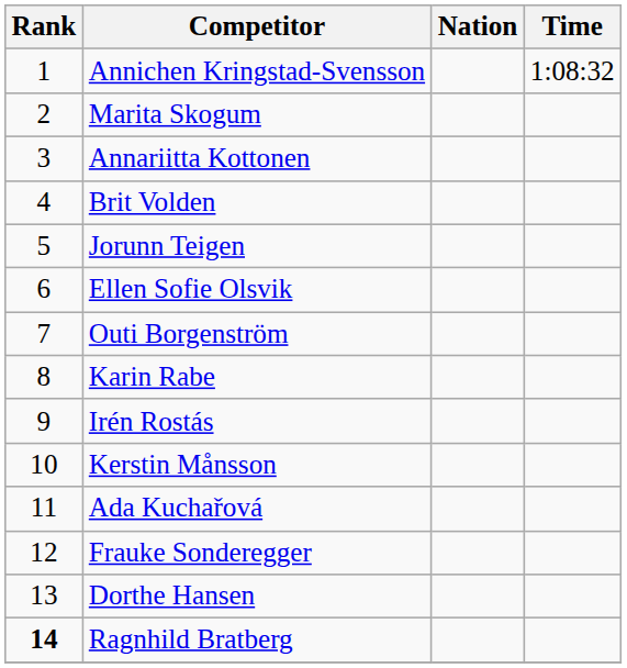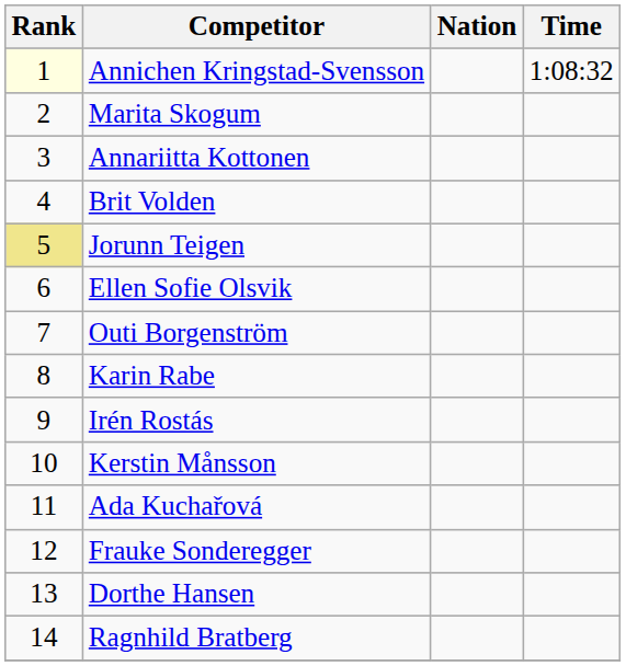 <table class="wikitable sortable" style="text-align:left">
 <tr>
 <th data-sort-type="number">Rank</th>
 <th class="unsortable">Competitor</th>
 <th>Nation</th>
 <th>Time</th>
 </tr>
 <tr>
-<td style="text-align:center">1</td>
+<td style="background: lightyellow; text-align:center">1</td>
 <td><a href='#'>Annichen Kringstad-Svensson</a></td>
 <td></td>
 <td style="text-align:right">1:08:32</td>
 </tr>
 <tr>
 <td style="text-align:center">2</td>
 <td><a href='#'>Marita Skogum</a></td>
 <td></td>
 <td style="text-align:right"></td>
 </tr>
 <tr>
 <td style="text-align:center">3</td>
 <td><a href='#'>Annariitta Kottonen</a></td>
 <td></td>
 <td style="text-align:right"></td>
 </tr>
 <tr>
 <td style="text-align:center">4</td>
 <td><a href='#'>Brit Volden</a></td>
 <td></td>
 <td style="text-align:right"></td>
 </tr>
 <tr>
-<td style="text-align:center">5</td>
+<td style="background: khaki; text-align:center">5</td>
 <td><a href='#'>Jorunn Teigen</a></td>
 <td></td>
 <td style="text-align:right"></td>
 </tr>
 <tr>
 <td style="text-align:center">6</td>
 <td><a href='#'>Ellen Sofie Olsvik</a></td>
 <td></td>
 <td style="text-align:right"></td>
 </tr>
 <tr>
 <td style="text-align:center">7</td>
 <td><a href='#'>Outi Borgenström</a></td>
 <td></td>
 <td style="text-align:right"></td>
 </tr>
 <tr>
 <td style="text-align:center">8</td>
 <td><a href='#'>Karin Rabe</a></td>
 <td></td>
 <td style="text-align:right"></td>
 </tr>
 <tr>
 <td style="text-align:center">9</td>
 <td><a href='#'>Irén Rostás</a></td>
 <td></td>
 <td style="text-align:right"></td>
 </tr>
 <tr>
 <td style="text-align:center">10</td>
 <td><a href='#'>Kerstin Månsson</a></td>
 <td></td>
 <td style="text-align:right"></td>
 </tr>
 <tr>
 <td style="text-align:center">11</td>
 <td><a href='#'>Ada Kuchařová</a></td>
 <td></td>
 <td style="text-align:right"></td>
 </tr>
 <tr>
 <td style="text-align:center">12</td>
 <td><a href='#'>Frauke Sonderegger</a></td>
 <td></td>
 <td style="text-align:right"></td>
 </tr>
 <tr>
 <td style="text-align:center">13</td>
 <td><a href='#'>Dorthe Hansen</a></td>
 <td></td>
 <td style="text-align:right"></td>
 </tr>
 <tr>
-<td style="text-align:center"><strong>14</strong></td>
+<td style="text-align:center">14</td>
 <td><a href='#'>Ragnhild Bratberg</a></td>
 <td></td>
 <td style="text-align:right"></td>
 </tr>
 <tr>
 </tr>
 </table>
